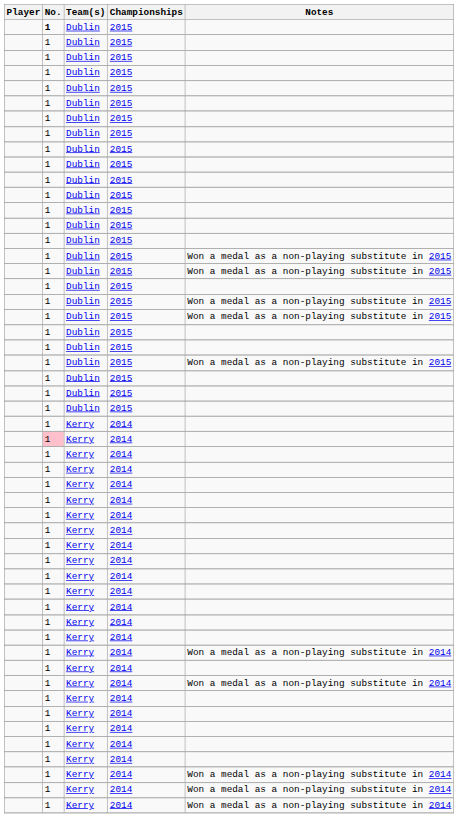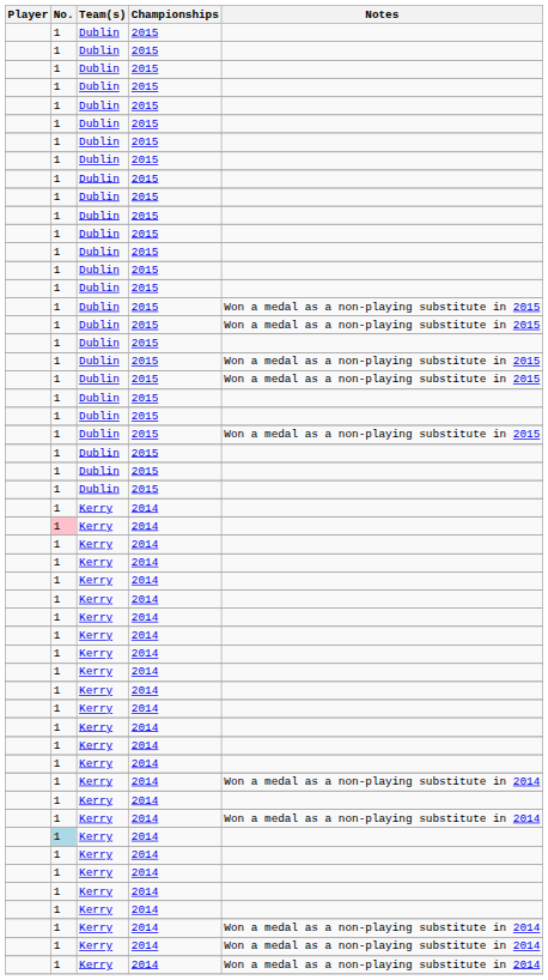 <table class="wikitable sortable">
 <tr>
 <th>Player</th>
 <th>No.</th>
 <th>Team(s)</th>
 <th>Championships</th>
 <th>Notes</th>
 </tr>
 <tr>
 <td></td>
-<td><strong>1</strong></td>
+<td>1</td>
 <td><a href='#'>Dublin</a></td>
 <td><a href='#'>2015</a></td>
 <td></td>
 </tr>
 <tr>
 </tr>
 <tr>
 <td></td>
 <td>1</td>
 <td><a href='#'>Dublin</a></td>
 <td><a href='#'>2015</a></td>
 <td></td>
 </tr>
 <tr>
 </tr>
 <tr>
 <td></td>
 <td>1</td>
 <td><a href='#'>Dublin</a></td>
 <td><a href='#'>2015</a></td>
 <td></td>
 </tr>
 <tr>
 </tr>
 <tr>
 <td></td>
 <td>1</td>
 <td><a href='#'>Dublin</a></td>
 <td><a href='#'>2015</a></td>
 <td></td>
 </tr>
 <tr>
 </tr>
 <tr>
 <td></td>
 <td>1</td>
 <td><a href='#'>Dublin</a></td>
 <td><a href='#'>2015</a></td>
 <td></td>
 </tr>
 <tr>
 </tr>
 <tr>
 <td></td>
 <td>1</td>
 <td><a href='#'>Dublin</a></td>
 <td><a href='#'>2015</a></td>
 <td></td>
 </tr>
 <tr>
 </tr>
 <tr>
 <td></td>
 <td>1</td>
 <td><a href='#'>Dublin</a></td>
 <td><a href='#'>2015</a></td>
 <td></td>
 </tr>
 <tr>
 </tr>
 <tr>
 <td></td>
 <td>1</td>
 <td><a href='#'>Dublin</a></td>
 <td><a href='#'>2015</a></td>
 <td></td>
 </tr>
 <tr>
 </tr>
 <tr>
 <td></td>
 <td>1</td>
 <td><a href='#'>Dublin</a></td>
 <td><a href='#'>2015</a></td>
 <td></td>
 </tr>
 <tr>
 </tr>
 <tr>
 <td></td>
 <td>1</td>
 <td><a href='#'>Dublin</a></td>
 <td><a href='#'>2015</a></td>
 <td></td>
 </tr>
 <tr>
 </tr>
 <tr>
 <td></td>
 <td>1</td>
 <td><a href='#'>Dublin</a></td>
 <td><a href='#'>2015</a></td>
 <td></td>
 </tr>
 <tr>
 </tr>
 <tr>
 <td></td>
 <td>1</td>
 <td><a href='#'>Dublin</a></td>
 <td><a href='#'>2015</a></td>
 <td></td>
 </tr>
 <tr>
 </tr>
 <tr>
 <td></td>
 <td>1</td>
 <td><a href='#'>Dublin</a></td>
 <td><a href='#'>2015</a></td>
 <td></td>
 </tr>
 <tr>
 </tr>
 <tr>
 <td></td>
 <td>1</td>
 <td><a href='#'>Dublin</a></td>
 <td><a href='#'>2015</a></td>
 <td></td>
 </tr>
 <tr>
 </tr>
 <tr>
 <td></td>
 <td>1</td>
 <td><a href='#'>Dublin</a></td>
 <td><a href='#'>2015</a></td>
 <td></td>
 </tr>
 <tr>
 </tr>
 <tr>
 <td></td>
 <td>1</td>
 <td><a href='#'>Dublin</a></td>
 <td><a href='#'>2015</a></td>
 <td>Won a medal as a non-playing substitute in <a href='#'>2015</a></td>
 </tr>
 <tr>
 </tr>
 <tr>
 <td></td>
 <td>1</td>
 <td><a href='#'>Dublin</a></td>
 <td><a href='#'>2015</a></td>
 <td>Won a medal as a non-playing substitute in <a href='#'>2015</a></td>
 </tr>
 <tr>
 </tr>
 <tr>
 <td></td>
 <td>1</td>
 <td><a href='#'>Dublin</a></td>
 <td><a href='#'>2015</a></td>
 <td></td>
 </tr>
 <tr>
 </tr>
 <tr>
 <td></td>
 <td>1</td>
 <td><a href='#'>Dublin</a></td>
 <td><a href='#'>2015</a></td>
 <td>Won a medal as a non-playing substitute in <a href='#'>2015</a></td>
 </tr>
 <tr>
 </tr>
 <tr>
 <td></td>
 <td>1</td>
 <td><a href='#'>Dublin</a></td>
 <td><a href='#'>2015</a></td>
 <td>Won a medal as a non-playing substitute in <a href='#'>2015</a></td>
 </tr>
 <tr>
 </tr>
 <tr>
 <td></td>
 <td>1</td>
 <td><a href='#'>Dublin</a></td>
 <td><a href='#'>2015</a></td>
 <td></td>
 </tr>
 <tr>
 </tr>
 <tr>
 <td></td>
 <td>1</td>
 <td><a href='#'>Dublin</a></td>
 <td><a href='#'>2015</a></td>
 <td></td>
 </tr>
 <tr>
 </tr>
 <tr>
 <td></td>
 <td>1</td>
 <td><a href='#'>Dublin</a></td>
 <td><a href='#'>2015</a></td>
 <td>Won a medal as a non-playing substitute in <a href='#'>2015</a></td>
 </tr>
 <tr>
 </tr>
 <tr>
 <td></td>
 <td>1</td>
 <td><a href='#'>Dublin</a></td>
 <td><a href='#'>2015</a></td>
 <td></td>
 </tr>
 <tr>
 </tr>
 <tr>
 <td></td>
 <td>1</td>
 <td><a href='#'>Dublin</a></td>
 <td><a href='#'>2015</a></td>
 <td></td>
 </tr>
 <tr>
 </tr>
 <tr>
 <td></td>
 <td>1</td>
 <td><a href='#'>Dublin</a></td>
 <td><a href='#'>2015</a></td>
 <td></td>
 </tr>
 <tr>
 </tr>
 <tr>
 <td></td>
 <td>1</td>
 <td><a href='#'>Kerry</a></td>
 <td><a href='#'>2014</a></td>
 <td></td>
 </tr>
 <tr>
 </tr>
 <tr>
 <td></td>
 <td style="background: pink;">1</td>
 <td><a href='#'>Kerry</a></td>
 <td><a href='#'>2014</a></td>
 <td></td>
 </tr>
 <tr>
 </tr>
 <tr>
 <td></td>
 <td>1</td>
 <td><a href='#'>Kerry</a></td>
 <td><a href='#'>2014</a></td>
 <td></td>
 </tr>
 <tr>
 </tr>
 <tr>
 <td></td>
 <td>1</td>
 <td><a href='#'>Kerry</a></td>
 <td><a href='#'>2014</a></td>
 <td></td>
 </tr>
 <tr>
 </tr>
 <tr>
 <td></td>
 <td>1</td>
 <td><a href='#'>Kerry</a></td>
 <td><a href='#'>2014</a></td>
 <td></td>
 </tr>
 <tr>
 </tr>
 <tr>
 <td></td>
 <td>1</td>
 <td><a href='#'>Kerry</a></td>
 <td><a href='#'>2014</a></td>
 <td></td>
 </tr>
 <tr>
 </tr>
 <tr>
 <td></td>
 <td>1</td>
 <td><a href='#'>Kerry</a></td>
 <td><a href='#'>2014</a></td>
 <td></td>
 </tr>
 <tr>
 </tr>
 <tr>
 <td></td>
 <td>1</td>
 <td><a href='#'>Kerry</a></td>
 <td><a href='#'>2014</a></td>
 <td></td>
 </tr>
 <tr>
 </tr>
 <tr>
 <td></td>
 <td>1</td>
 <td><a href='#'>Kerry</a></td>
 <td><a href='#'>2014</a></td>
 <td></td>
 </tr>
 <tr>
 </tr>
 <tr>
 <td></td>
 <td>1</td>
 <td><a href='#'>Kerry</a></td>
 <td><a href='#'>2014</a></td>
 <td></td>
 </tr>
 <tr>
 </tr>
 <tr>
 <td></td>
 <td>1</td>
 <td><a href='#'>Kerry</a></td>
 <td><a href='#'>2014</a></td>
 <td></td>
 </tr>
 <tr>
 </tr>
 <tr>
 <td></td>
 <td>1</td>
 <td><a href='#'>Kerry</a></td>
 <td><a href='#'>2014</a></td>
 <td></td>
 </tr>
 <tr>
 </tr>
 <tr>
 <td></td>
 <td>1</td>
 <td><a href='#'>Kerry</a></td>
 <td><a href='#'>2014</a></td>
 <td></td>
 </tr>
 <tr>
 </tr>
 <tr>
 <td></td>
 <td>1</td>
 <td><a href='#'>Kerry</a></td>
 <td><a href='#'>2014</a></td>
 <td></td>
 </tr>
 <tr>
 </tr>
 <tr>
 <td></td>
 <td>1</td>
 <td><a href='#'>Kerry</a></td>
 <td><a href='#'>2014</a></td>
 <td></td>
 </tr>
 <tr>
 </tr>
 <tr>
 <td></td>
 <td>1</td>
 <td><a href='#'>Kerry</a></td>
 <td><a href='#'>2014</a></td>
 <td>Won a medal as a non-playing substitute in <a href='#'>2014</a></td>
 </tr>
 <tr>
 </tr>
 <tr>
 <td></td>
 <td>1</td>
 <td><a href='#'>Kerry</a></td>
 <td><a href='#'>2014</a></td>
 <td></td>
 </tr>
 <tr>
 </tr>
 <tr>
 <td></td>
 <td>1</td>
 <td><a href='#'>Kerry</a></td>
 <td><a href='#'>2014</a></td>
 <td>Won a medal as a non-playing substitute in <a href='#'>2014</a></td>
 </tr>
 <tr>
 </tr>
 <tr>
 <td></td>
-<td>1</td>
+<td style="background: lightblue;">1</td>
 <td><a href='#'>Kerry</a></td>
 <td><a href='#'>2014</a></td>
 <td></td>
 </tr>
 <tr>
 </tr>
 <tr>
 <td></td>
 <td>1</td>
 <td><a href='#'>Kerry</a></td>
 <td><a href='#'>2014</a></td>
 <td></td>
 </tr>
 <tr>
 </tr>
 <tr>
 <td></td>
 <td>1</td>
 <td><a href='#'>Kerry</a></td>
 <td><a href='#'>2014</a></td>
 <td></td>
 </tr>
 <tr>
 </tr>
 <tr>
 <td></td>
 <td>1</td>
 <td><a href='#'>Kerry</a></td>
 <td><a href='#'>2014</a></td>
 <td></td>
 </tr>
 <tr>
 </tr>
 <tr>
 <td></td>
 <td>1</td>
 <td><a href='#'>Kerry</a></td>
 <td><a href='#'>2014</a></td>
 <td></td>
 </tr>
 <tr>
 </tr>
 <tr>
 <td></td>
 <td>1</td>
 <td><a href='#'>Kerry</a></td>
 <td><a href='#'>2014</a></td>
 <td>Won a medal as a non-playing substitute in <a href='#'>2014</a></td>
 </tr>
 <tr>
 </tr>
 <tr>
 <td></td>
 <td>1</td>
 <td><a href='#'>Kerry</a></td>
 <td><a href='#'>2014</a></td>
 <td>Won a medal as a non-playing substitute in <a href='#'>2014</a></td>
 </tr>
 <tr>
 </tr>
 <tr>
 <td></td>
 <td>1</td>
 <td><a href='#'>Kerry</a></td>
 <td><a href='#'>2014</a></td>
 <td>Won a medal as a non-playing substitute in <a href='#'>2014</a></td>
 </tr>
 <tr>
 </tr>
 </table>
